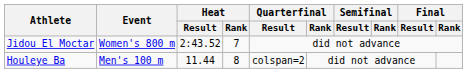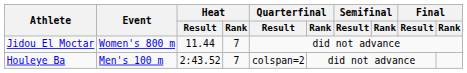 <table class="wikitable" style="font-size:90%">
 <tr>
 <th rowspan="2">Athlete</th>
 <th rowspan="2">Event</th>
 <th colspan="2">Heat</th>
 <th colspan="2">Quarterfinal</th>
 <th colspan="2">Semifinal</th>
 <th colspan="2">Final</th>
 </tr>
 <tr style="font-size:95%">
 <th>Result</th>
 <th>Rank</th>
 <th>Result</th>
 <th>Rank</th>
 <th>Result</th>
 <th>Rank</th>
 <th>Result</th>
 <th>Rank</th>
 </tr>
 <tr align=center>
 <td align=left><a href='#'>Jidou El Moctar</a></td>
 <td align=left><a href='#'>Women's 800 m</a></td>
-<td>2:43.52</td>
+<td>11.44</td>
 <td>7</td>
 <td colspan=6>did not advance</td>
 </tr>
 <tr align=center>
 <td align=left><a href='#'>Houleye Ba</a></td>
 <td align=left><a href='#'>Men's 100 m</a></td>
-<td>11.44</td>
-<td>8</td>
+<td>2:43.52</td>
+<td>7</td>
 <td>colspan=2 </td>
 <td colspan=4>did not advance</td>
 </tr>
 </table>
